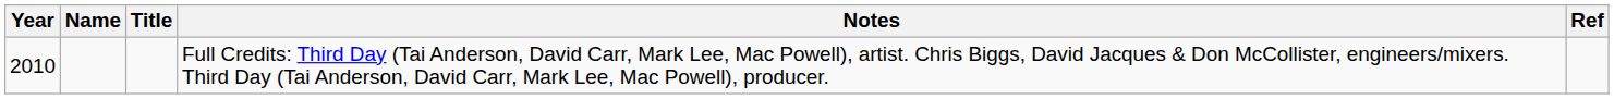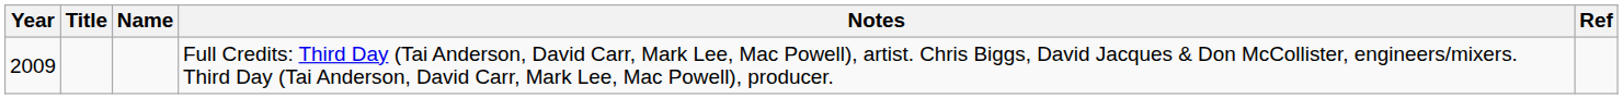 <table class="wikitable">
 <tr>
 <th>Year</th>
+<th>Title</th>
 <th>Name</th>
-<th>Title</th>
 <th>Notes</th>
 <th>Ref</th>
 </tr>
 <tr>
-<td>2010</td>
+<td>2009</td>
 <td></td>
 <td></td>
 <td>Full Credits: <a href='#'>Third Day</a> (Tai Anderson, David Carr, Mark Lee, Mac Powell), artist. Chris Biggs, David Jacques & Don McCollister, engineers/mixers. Third Day (Tai Anderson, David Carr, Mark Lee, Mac Powell), producer.</td>
 <td></td>
 </tr>
 </table>
